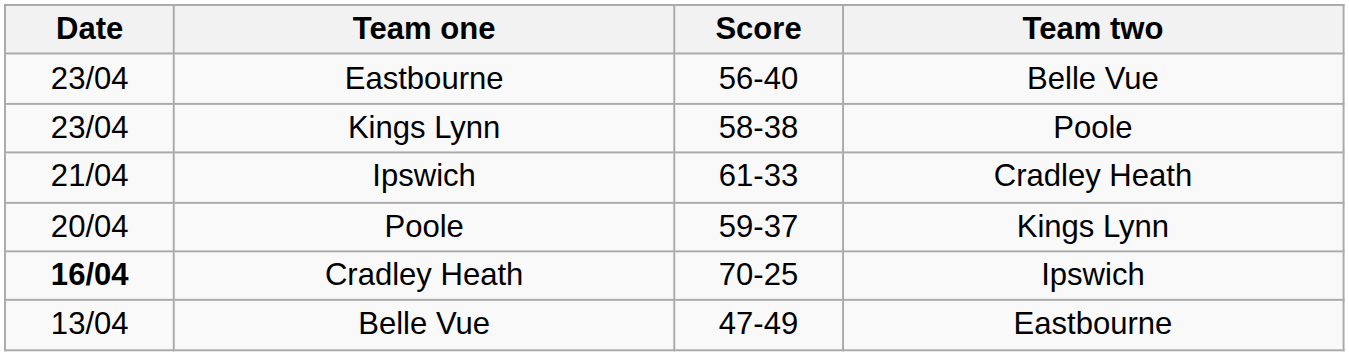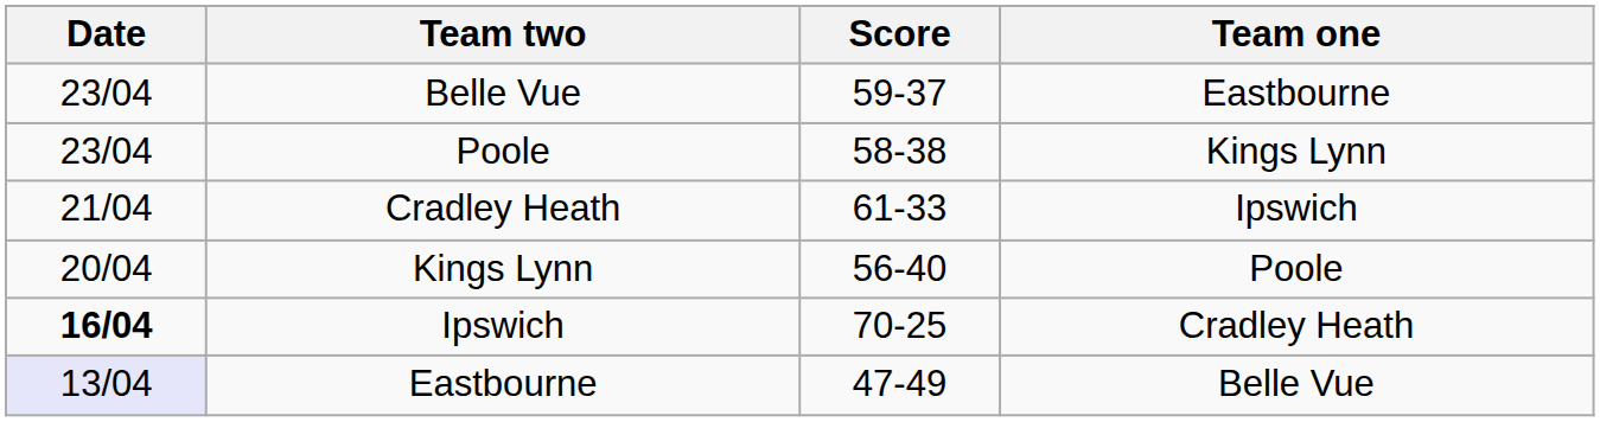 <table class="wikitable" style="text-align: center">
 <tr>
 <th width=80>Date</th>
+<th width=250>Team two</th>
+<th width=80>Score</th>
 <th width=250>Team one</th>
-<th width=80>Score</th>
-<th width=250>Team two</th>
 </tr>
 <tr>
 <td>23/04</td>
+<td>Belle Vue</td>
+<td>59-37</td>
 <td>Eastbourne</td>
-<td>56-40</td>
-<td>Belle Vue</td>
 </tr>
 <tr>
 <td>23/04</td>
+<td>Poole</td>
+<td>58-38</td>
 <td>Kings Lynn</td>
-<td>58-38</td>
+</tr>
+<tr>
+<td>21/04</td>
+<td>Cradley Heath</td>
+<td>61-33</td>
+<td>Ipswich</td>
+</tr>
+<tr>
+<td>20/04</td>
+<td>Kings Lynn</td>
+<td>56-40</td>
 <td>Poole</td>
 </tr>
 <tr>
-<td>21/04</td>
+<td><strong>16/04</strong></td>
 <td>Ipswich</td>
-<td>61-33</td>
+<td>70-25</td>
 <td>Cradley Heath</td>
 </tr>
 <tr>
-<td>20/04</td>
-<td>Poole</td>
-<td>59-37</td>
-<td>Kings Lynn</td>
-</tr>
-<tr>
-<td><strong>16/04</strong></td>
-<td>Cradley Heath</td>
-<td>70-25</td>
-<td>Ipswich</td>
-</tr>
-<tr>
-<td>13/04</td>
+<td style="background: lavender;">13/04</td>
+<td>Eastbourne</td>
+<td>47-49</td>
 <td>Belle Vue</td>
-<td>47-49</td>
-<td>Eastbourne</td>
 </tr>
 </table>
